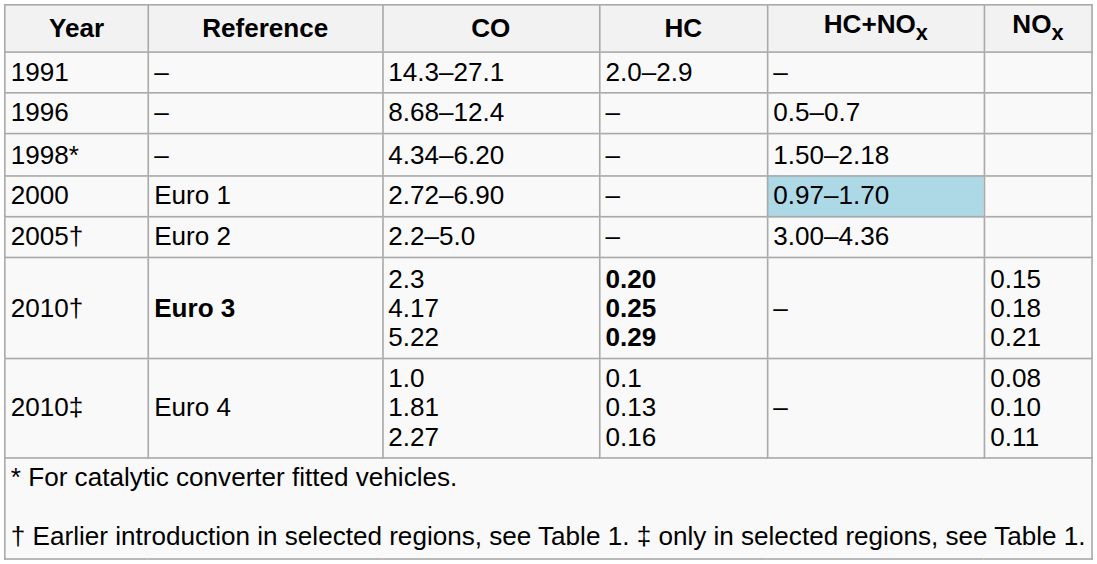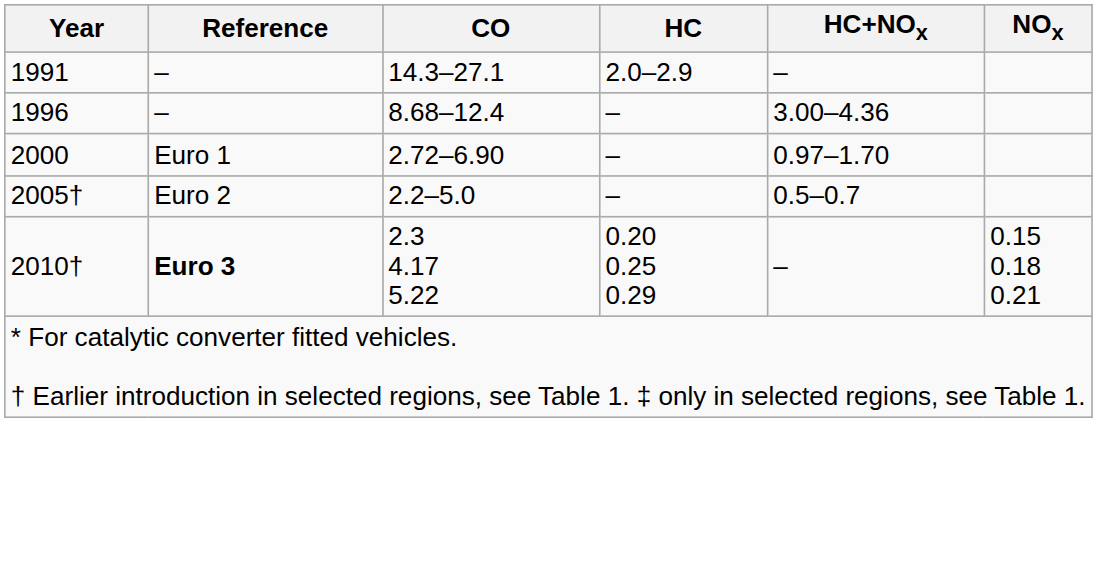 <table class="wikitable">
 <tr>
 <th>Year</th>
 <th>Reference</th>
 <th>CO</th>
 <th>HC</th>
 <th>HC+NO<sub>x</sub></th>
 <th>NO<sub>x</sub></th>
 </tr>
 <tr>
 <td>1991</td>
 <td>–</td>
 <td>14.3–27.1</td>
 <td>2.0–2.9</td>
 <td>–</td>
 <td></td>
 </tr>
 <tr>
 <td>1996</td>
 <td>–</td>
 <td>8.68–12.4</td>
 <td>–</td>
-<td>0.5–0.7</td>
-<td></td>
-</tr>
-<tr>
-<td>1998*</td>
-<td>–</td>
-<td>4.34–6.20</td>
-<td>–</td>
-<td>1.50–2.18</td>
+<td>3.00–4.36</td>
 <td></td>
 </tr>
 <tr>
 <td>2000</td>
 <td>Euro 1</td>
 <td>2.72–6.90</td>
 <td>–</td>
-<td style="background: lightblue;">0.97–1.70</td>
+<td>0.97–1.70</td>
 <td></td>
 </tr>
 <tr>
 <td>2005†</td>
 <td>Euro 2</td>
 <td>2.2–5.0</td>
 <td>–</td>
-<td>3.00–4.36</td>
+<td>0.5–0.7</td>
 <td></td>
 </tr>
 <tr>
 <td>2010†</td>
 <td><strong>Euro 3</strong></td>
 <td>2.3<br>4.17<br>5.22</td>
-<td><strong>0.20<br>0.25<br>0.29</strong></td>
+<td>0.20<br>0.25<br>0.29</td>
 <td>–</td>
 <td>0.15<br>0.18<br>0.21</td>
-</tr>
-<tr>
-<td>2010‡</td>
-<td>Euro 4</td>
-<td>1.0<br>1.81<br>2.27</td>
-<td>0.1<br>0.13<br>0.16</td>
-<td>–</td>
-<td>0.08<br>0.10<br>0.11</td>
 </tr>
 <tr>
 <td class="tNote" colspan="6">* For catalytic converter fitted vehicles.<br><br>† Earlier introduction in selected regions, see Table 1. ‡ only in selected regions, see Table 1.</td>
 </tr>
 </table>
